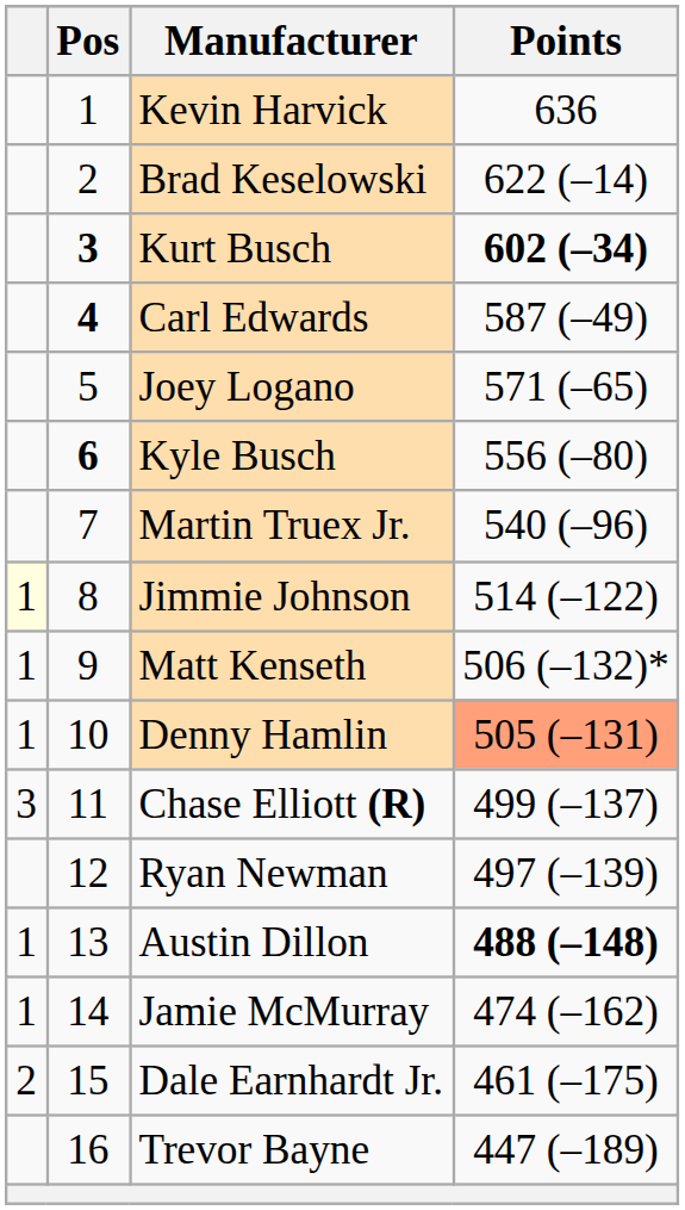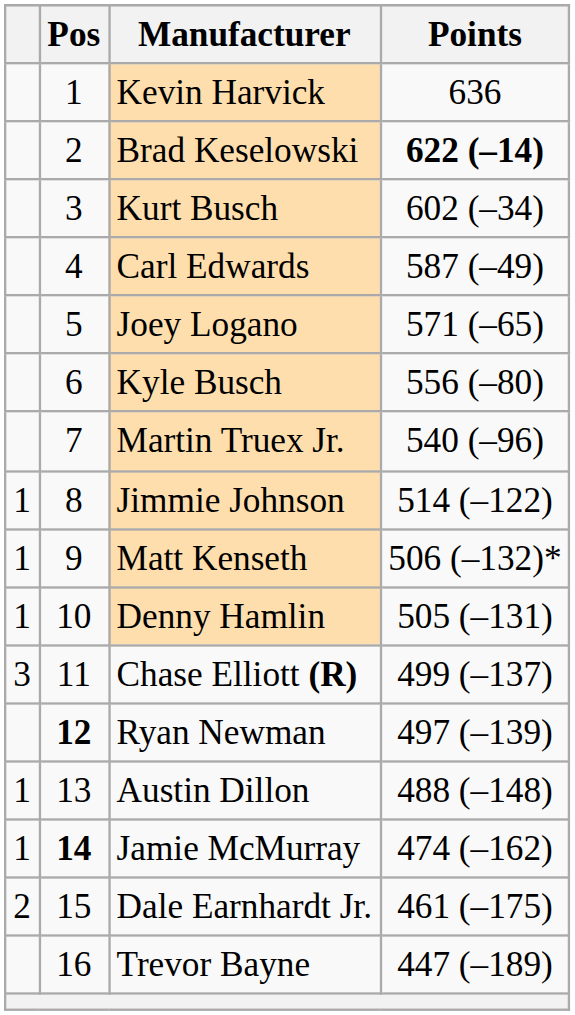 <table class="wikitable" style="font-size:95%">
 <tr>
 </tr>
 <tr>
 <th></th>
 <th>Pos</th>
 <th>Manufacturer</th>
 <th>Points</th>
 </tr>
 <tr>
 <td align="left"></td>
 <td style="text-align:center;">1</td>
 <td style="background:#FFDEAD;">Kevin Harvick</td>
 <td style="text-align:center;">636</td>
 </tr>
 <tr>
 <td align="left"></td>
 <td style="text-align:center;">2</td>
 <td style="background:#FFDEAD;">Brad Keselowski</td>
-<td style="text-align:center;">622 (–14)</td>
+<td style="text-align:center;"><strong>622 (–14)</strong></td>
 </tr>
 <tr>
 <td align="left"></td>
-<td style="text-align:center;"><strong>3</strong></td>
+<td style="text-align:center;">3</td>
 <td style="background:#FFDEAD;">Kurt Busch</td>
-<td style="text-align:center;"><strong>602 (–34)</strong></td>
+<td style="text-align:center;">602 (–34)</td>
 </tr>
 <tr>
 <td align="left"></td>
-<td style="text-align:center;"><strong>4</strong></td>
+<td style="text-align:center;">4</td>
 <td style="background:#FFDEAD;">Carl Edwards</td>
 <td style="text-align:center;">587  (–49)</td>
 </tr>
 <tr>
 <td align="left"></td>
 <td style="text-align:center;">5</td>
 <td style="background:#FFDEAD;">Joey Logano</td>
 <td style="text-align:center;">571  (–65)</td>
 </tr>
 <tr>
 <td align="left"></td>
-<td style="text-align:center;"><strong>6</strong></td>
+<td style="text-align:center;">6</td>
 <td style="background:#FFDEAD;">Kyle Busch</td>
 <td style="text-align:center;">556  (–80)</td>
 </tr>
 <tr>
 <td align="left"></td>
 <td style="text-align:center;">7</td>
 <td style="background:#FFDEAD;">Martin Truex Jr.</td>
 <td style="text-align:center;">540  (–96)</td>
 </tr>
 <tr>
-<td align="left" style="background: lightyellow;"> 1</td>
+<td align="left"> 1</td>
 <td style="text-align:center;">8</td>
 <td style="background:#FFDEAD;">Jimmie Johnson</td>
 <td style="text-align:center;">514  (–122)</td>
 </tr>
 <tr>
 <td align="left"> 1</td>
 <td style="text-align:center;">9</td>
 <td style="background:#FFDEAD;">Matt Kenseth</td>
 <td style="text-align:center;">506  (–132)*</td>
 </tr>
 <tr>
 <td align="left"> 1</td>
 <td style="text-align:center;">10</td>
 <td style="background:#FFDEAD;">Denny Hamlin</td>
-<td style="background: lightsalmon; text-align:center;">505 (–131)</td>
+<td style="text-align:center;">505 (–131)</td>
 </tr>
 <tr>
 <td align="left"> 3</td>
 <td style="text-align:center;">11</td>
 <td>Chase Elliott <strong>(R)</strong></td>
 <td style="text-align:center;">499 (–137)</td>
 </tr>
 <tr>
 <td align="left"></td>
-<td style="text-align:center;">12</td>
+<td style="text-align:center;"><strong>12</strong></td>
 <td>Ryan Newman</td>
 <td style="text-align:center;">497  (–139)</td>
 </tr>
 <tr>
 <td align="left"> 1</td>
 <td style="text-align:center;">13</td>
 <td>Austin Dillon</td>
-<td style="text-align:center;"><strong>488  (–148)</strong></td>
+<td style="text-align:center;">488  (–148)</td>
 </tr>
 <tr>
 <td align="left"> 1</td>
-<td style="text-align:center;">14</td>
+<td style="text-align:center;"><strong>14</strong></td>
 <td>Jamie McMurray</td>
 <td style="text-align:center;">474  (–162)</td>
 </tr>
 <tr>
 <td align="left"> 2</td>
 <td style="text-align:center;">15</td>
 <td>Dale Earnhardt Jr.</td>
 <td style="text-align:center;">461 (–175)</td>
 </tr>
 <tr>
 <td align="left"></td>
 <td style="text-align:center;">16</td>
 <td>Trevor Bayne</td>
 <td style="text-align:center;">447  (–189)</td>
 </tr>
 <tr class="sortbottom">
 <th colspan="9"></th>
 </tr>
 </table>
